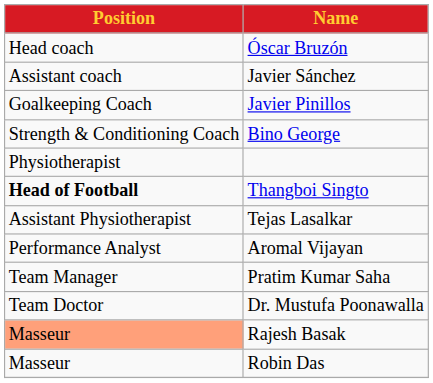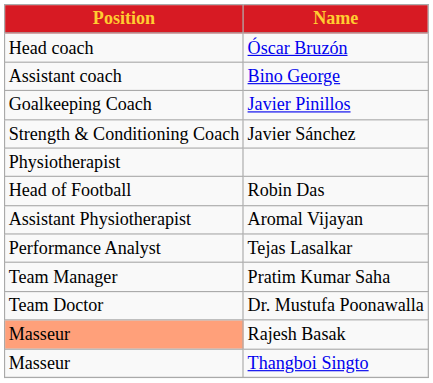 <table class="wikitable">
 <tr>
 <th style="background:#d71a23; color:#ffcd31; text-align:center;">Position</th>
 <th style="background:#d71a23; color:#ffcd31; text-align:center;">Name</th>
 </tr>
 <tr>
 <td>Head coach</td>
 <td align=left> <a href='#'>Óscar Bruzón</a></td>
 </tr>
 <tr>
 <td>Assistant coach</td>
-<td align=left> Javier Sánchez</td>
+<td align=left> <a href='#'>Bino George</a></td>
 </tr>
 <tr>
 <td>Goalkeeping Coach</td>
 <td align=left> <a href='#'>Javier Pinillos</a></td>
 </tr>
 <tr>
 <td>Strength & Conditioning Coach</td>
-<td align=left> <a href='#'>Bino George</a></td>
+<td align=left> Javier Sánchez</td>
 </tr>
 <tr>
 <td>Physiotherapist</td>
 <td align=left></td>
 </tr>
 <tr>
-<td><strong>Head of Football</strong></td>
-<td align=left> <a href='#'>Thangboi Singto</a></td>
+<td>Head of Football</td>
+<td align=left> Robin Das</td>
 </tr>
 <tr>
 <td>Assistant Physiotherapist</td>
-<td align=left> Tejas Lasalkar</td>
+<td align=left> Aromal Vijayan</td>
 </tr>
 <tr>
 <td>Performance Analyst</td>
-<td align=left> Aromal Vijayan</td>
+<td align=left> Tejas Lasalkar</td>
 </tr>
 <tr>
 <td>Team Manager</td>
 <td align=left> Pratim Kumar Saha</td>
 </tr>
 <tr>
 <td>Team Doctor</td>
 <td align=left> Dr. Mustufa Poonawalla</td>
 </tr>
 <tr>
 <td style="background: lightsalmon;">Masseur</td>
 <td align=left> Rajesh Basak</td>
 </tr>
 <tr>
 <td>Masseur</td>
-<td align=left> Robin Das</td>
+<td align=left> <a href='#'>Thangboi Singto</a></td>
 </tr>
 <tr>
 </tr>
 </table>
